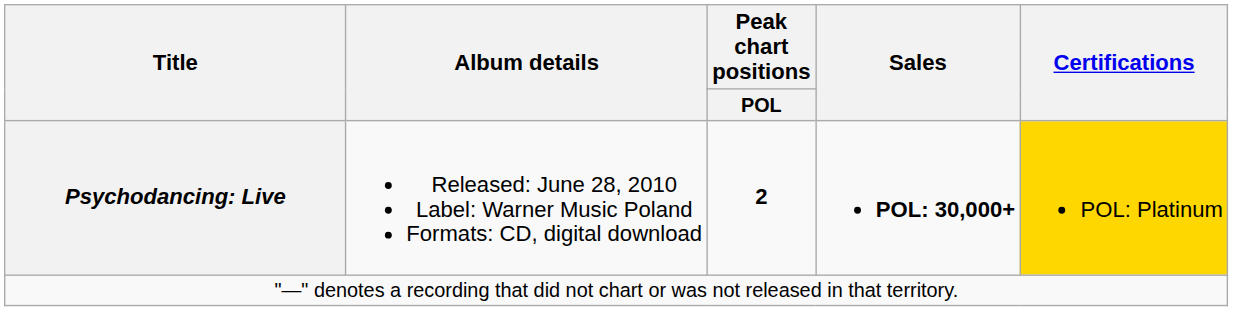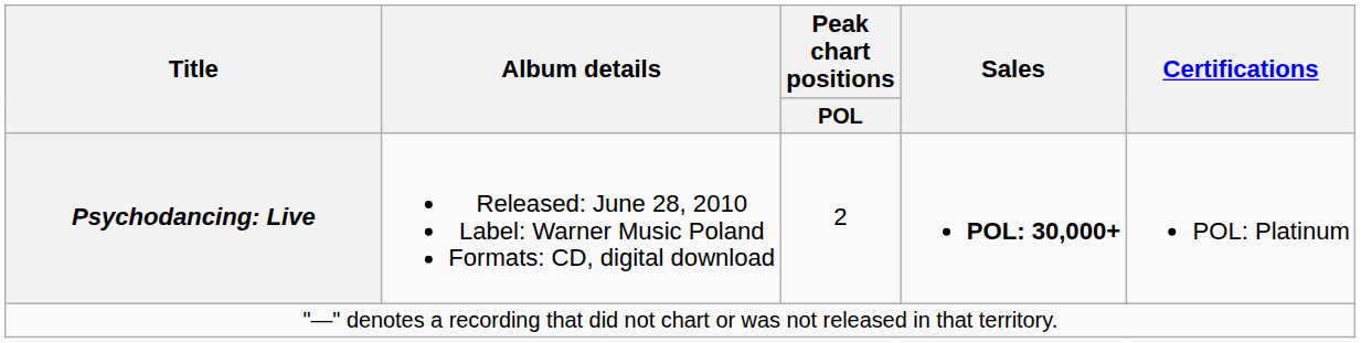 <table class="wikitable plainrowheaders" style="text-align:center;">
 <tr>
 <th scope="col" rowspan="2" style="width:15em;">Title</th>
 <th scope="col" rowspan="2">Album details</th>
 <th scope="col" colspan="1">Peak chart positions</th>
 <th scope="col" rowspan="2">Sales</th>
 <th scope="col" rowspan="2"><a href='#'>Certifications</a></th>
 </tr>
 <tr>
 <th scope="col" style="width:3em;font-size:90%;">POL<br></th>
 </tr>
 <tr>
 <th scope="row"><em>Psychodancing: Live</em></th>
 <td><br><ul><li>Released: June 28, 2010</li><li>Label: Warner Music Poland</li><li>Formats: CD, digital download</li></ul></td>
-<td><strong>2</strong></td>
+<td>2</td>
 <td><strong><br><ul><li>POL: 30,000+</li></ul></strong></td>
-<td style="background: gold;"><br><ul><li>POL: Platinum</li></ul></td>
+<td><br><ul><li>POL: Platinum</li></ul></td>
 </tr>
 <tr>
 <td colspan="20" style="font-size:90%">"—" denotes a recording that did not chart or was not released in that territory.</td>
 </tr>
 </table>
